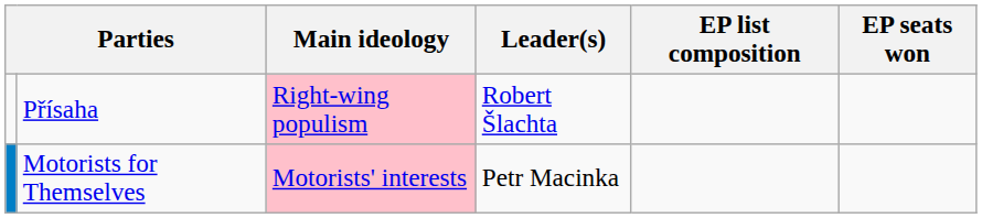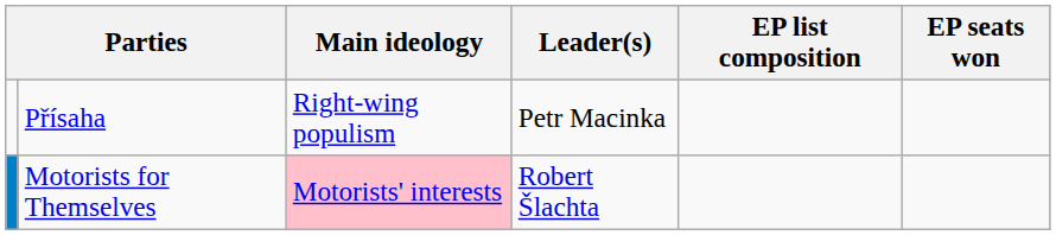 <table class="wikitable" style="font-size:100%">
 <tr>
 <th colspan="2">Parties</th>
 <th>Main ideology</th>
 <th>Leader(s)</th>
 <th>EP list composition</th>
 <th>EP seats won</th>
 </tr>
 <tr>
 <td></td>
 <td><a href='#'>Přísaha</a></td>
-<td style="background: pink;"><a href='#'>Right-wing populism</a></td>
-<td><a href='#'>Robert Šlachta</a></td>
+<td><a href='#'>Right-wing populism</a></td>
+<td>Petr Macinka</td>
 <td></td>
 <td></td>
 </tr>
 <tr>
 <td bgcolor="#007FC6"></td>
 <td><a href='#'>Motorists for Themselves</a></td>
 <td style="background: pink;"><a href='#'>Motorists' interests</a></td>
-<td>Petr Macinka</td>
+<td><a href='#'>Robert Šlachta</a></td>
 <td></td>
 <td></td>
 </tr>
 </table>
